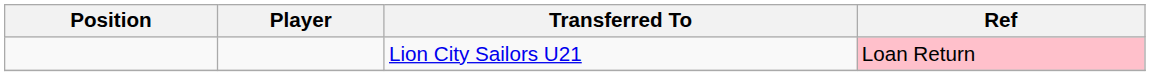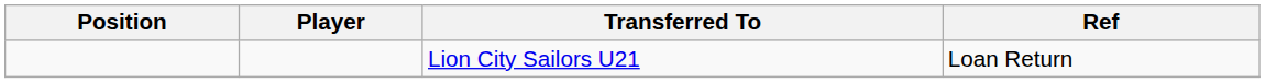 <table class="wikitable sortable" style="width:70%; text-align:center; font-size:100%; text-align:left;">
 <tr>
 <th><strong>Position</strong></th>
 <th><strong>Player</strong></th>
 <th><strong>Transferred To</strong></th>
 <th><strong>Ref</strong></th>
 </tr>
 <tr>
 <td></td>
 <td></td>
 <td> <a href='#'>Lion City Sailors U21</a></td>
-<td style="background: pink;">Loan Return</td>
+<td>Loan Return</td>
 </tr>
 <tr>
 </tr>
 </table>
